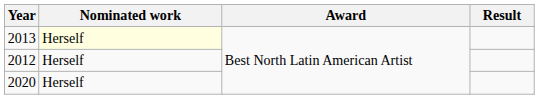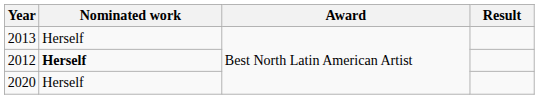 <table class="wikitable">
 <tr>
 <th>Year</th>
 <th width="200">Nominated work</th>
 <th width="275">Award</th>
 <th width="65">Result</th>
 </tr>
 <tr>
 <td>2013</td>
-<td style="background: lightyellow;">Herself</td>
+<td>Herself</td>
 <td rowspan="3">Best North Latin American Artist</td>
 <td></td>
 </tr>
 <tr>
 <td>2012</td>
-<td>Herself</td>
+<td><strong>Herself</strong></td>
 <td></td>
 </tr>
 <tr>
 <td>2020</td>
 <td>Herself</td>
 <td></td>
 </tr>
 </table>
